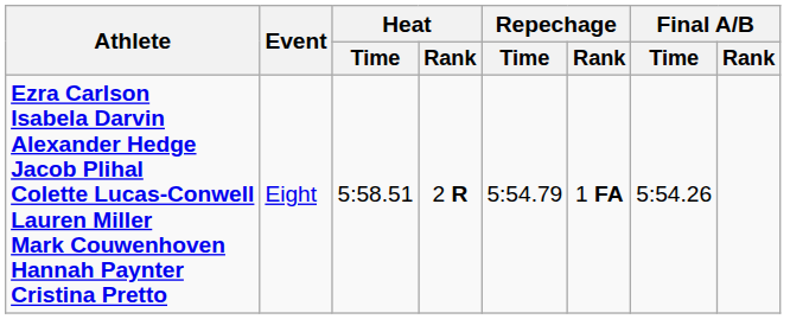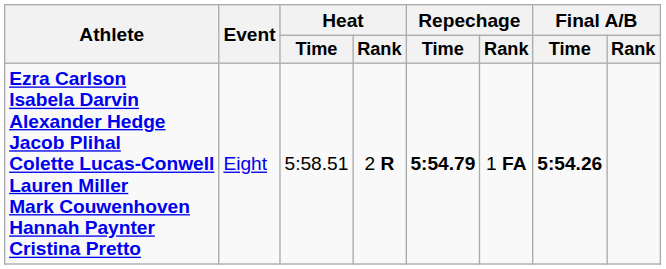 <table class=wikitable style=font-size:90%>
 <tr>
 <th rowspan=2>Athlete</th>
 <th rowspan=2>Event</th>
 <th colspan=2>Heat</th>
 <th colspan=2>Repechage</th>
 <th colspan=2>Final A/B</th>
 </tr>
 <tr style=font-size:95%>
 <th>Time</th>
 <th>Rank</th>
 <th>Time</th>
 <th>Rank</th>
 <th>Time</th>
 <th>Rank</th>
 </tr>
 <tr align=center>
 <td align=left><strong><a href='#'>Ezra Carlson</a><br><a href='#'>Isabela Darvin</a><br><a href='#'>Alexander Hedge</a><br><a href='#'>Jacob Plihal</a><br><a href='#'>Colette Lucas-Conwell</a><br><a href='#'>Lauren Miller</a><br><a href='#'>Mark Couwenhoven</a><br><a href='#'>Hannah Paynter</a><br><a href='#'>Cristina Pretto</a></strong></td>
 <td align=left><a href='#'>Eight</a></td>
 <td>5:58.51</td>
 <td>2 <strong>R</strong></td>
-<td>5:54.79</td>
+<td><strong>5:54.79</strong></td>
 <td>1 <strong>FA</strong></td>
-<td>5:54.26</td>
+<td><strong>5:54.26</strong></td>
 <td></td>
 </tr>
 </table>
